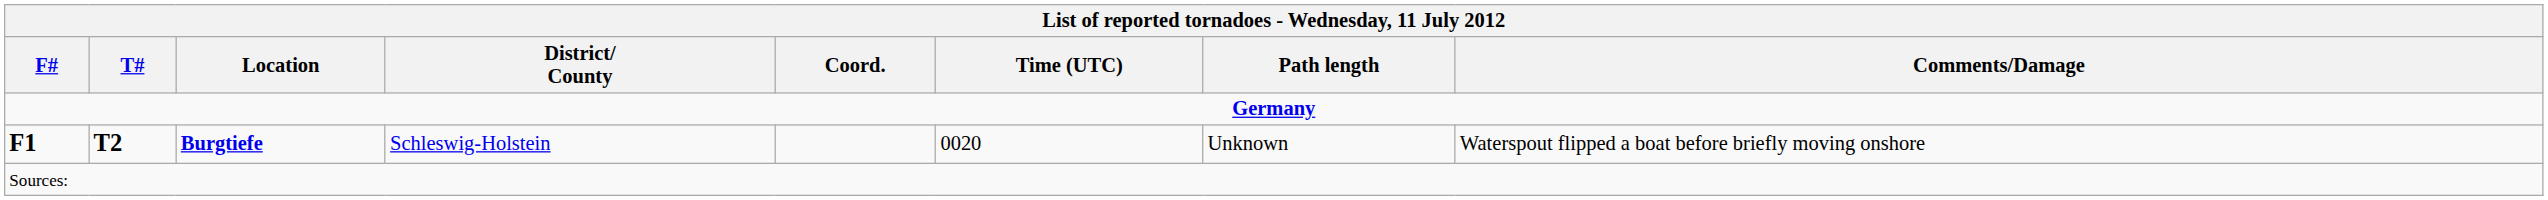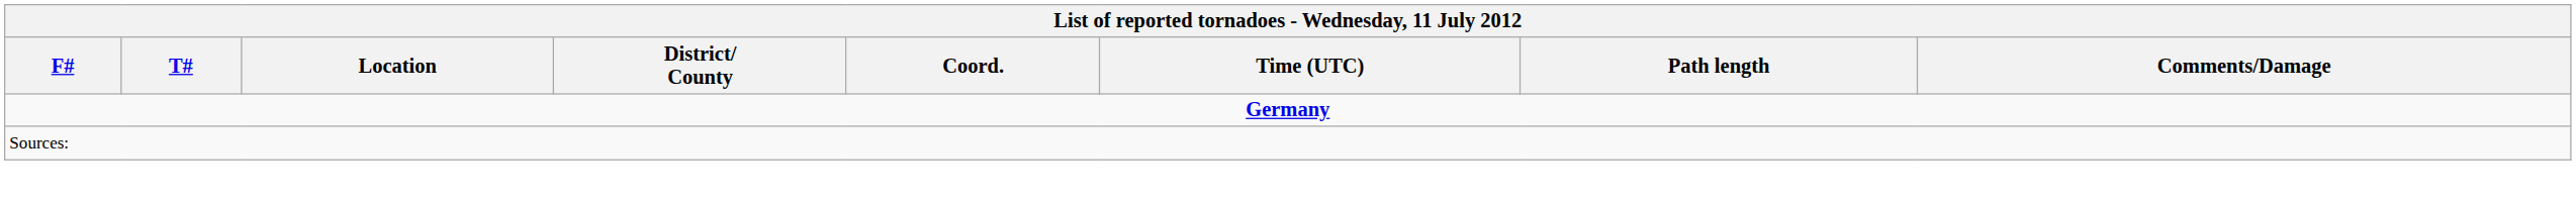 <table class="wikitable collapsible" width="100%">
 <tr>
 <th colspan="8">List of reported tornadoes - Wednesday, 11 July 2012</th>
 </tr>
 <tr>
 <th><a href='#'>F#</a></th>
 <th><a href='#'>T#</a></th>
 <th>Location</th>
 <th>District/<br>County</th>
 <th>Coord.</th>
 <th>Time (UTC)</th>
 <th>Path length</th>
 <th>Comments/Damage</th>
 </tr>
 <tr>
 <td colspan="8" align=center><strong><a href='#'>Germany</a></strong></td>
 </tr>
 <tr>
-<td><big><strong>F1</strong></big></td>
-<td><big><strong>T2</strong></big></td>
-<td><strong><a href='#'>Burgtiefe</a></strong></td>
-<td><a href='#'>Schleswig-Holstein</a></td>
-<td></td>
-<td>0020</td>
-<td>Unknown</td>
-<td>Waterspout flipped a boat before briefly moving onshore</td>
-</tr>
-<tr>
 <td colspan="8"><small>Sources:  </small></td>
 </tr>
 </table>
